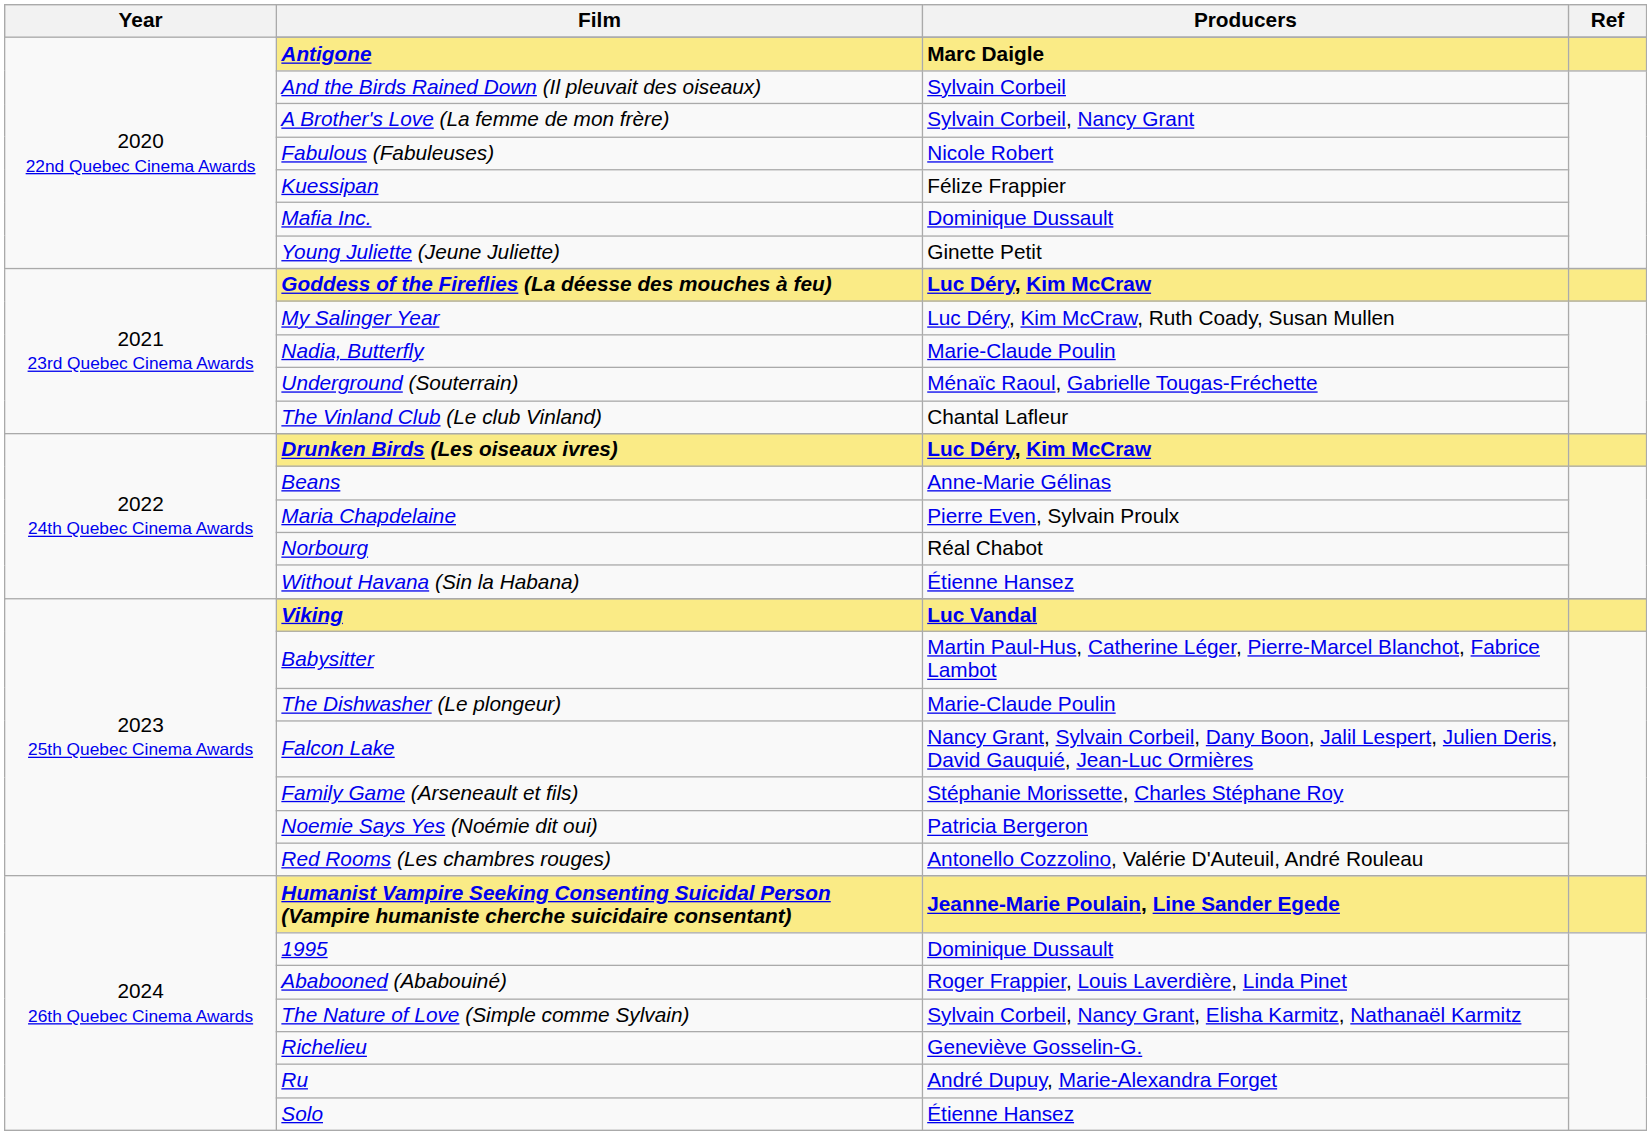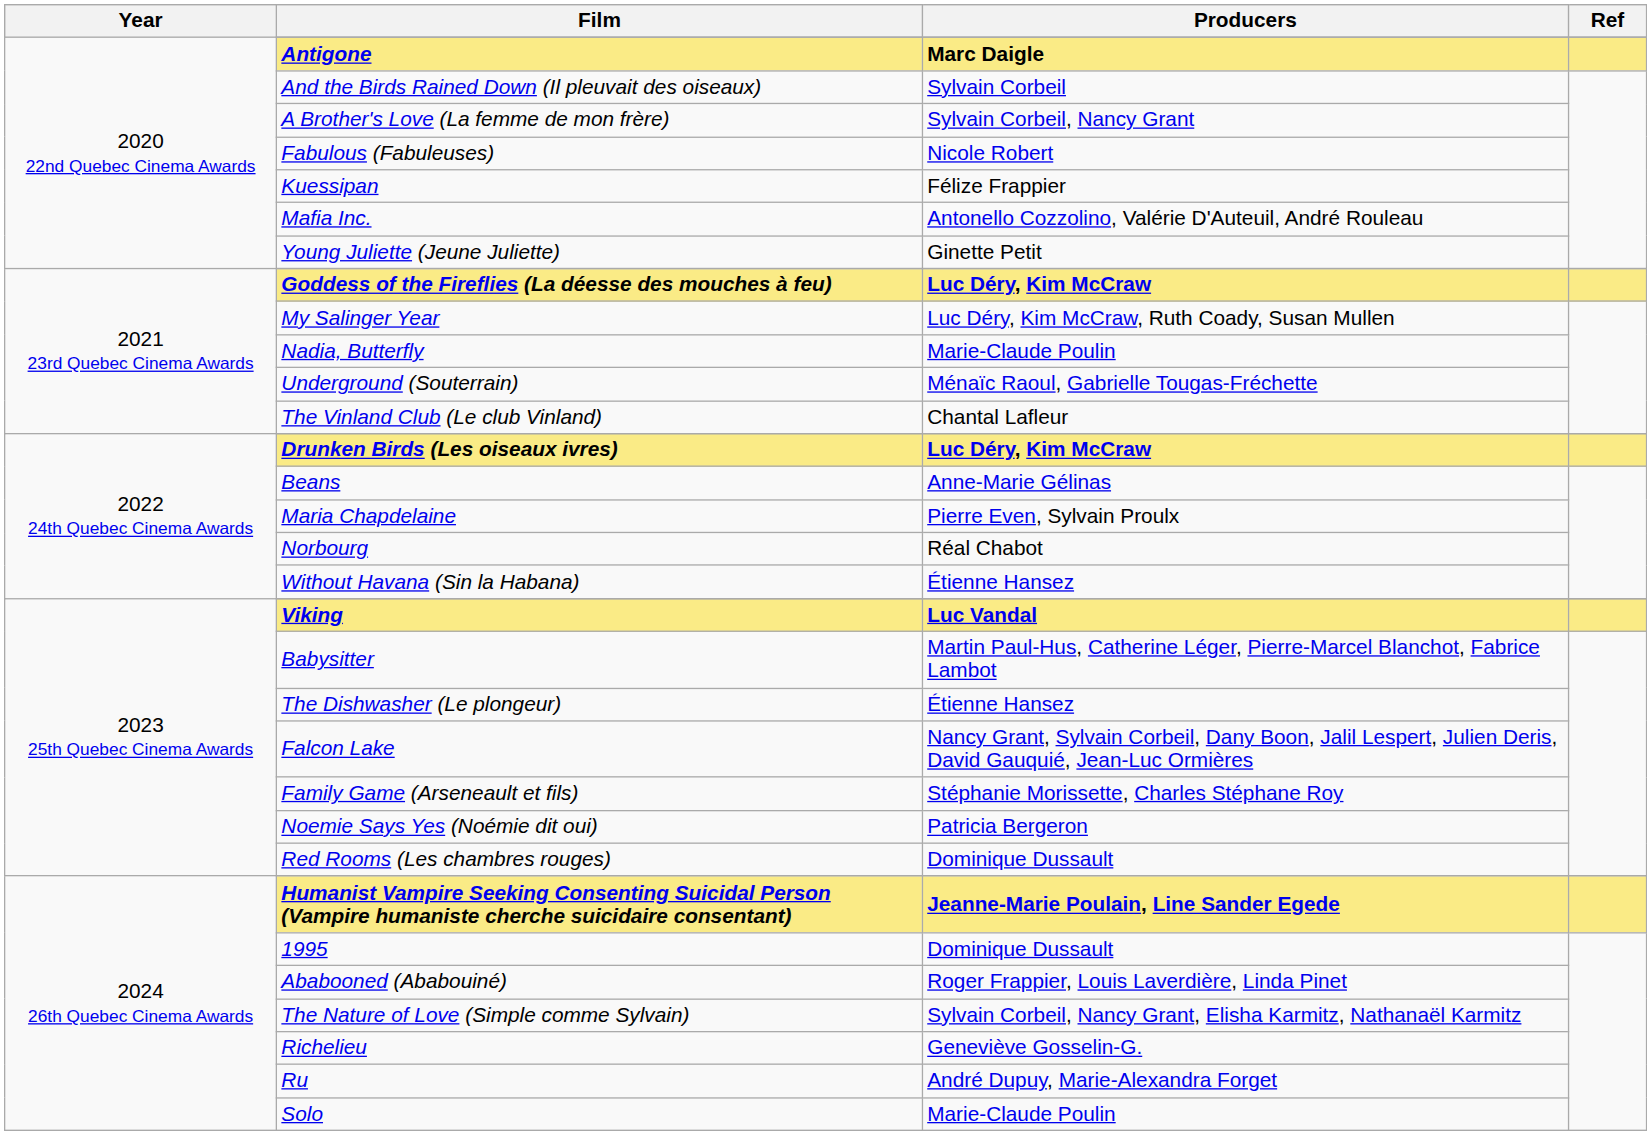 <table class="wikitable" style="width:100%;">
 <tr style="background:#bebebe;">
 <th style="width:8%;">Year</th>
 <th style="width:19%;">Film</th>
 <th style="width:19%;">Producers</th>
 <th style="width:2%;">Ref</th>
 </tr>
 <tr>
 <td rowspan="8" align="center">2020<br> <small><a href='#'>22nd Quebec Cinema Awards</a></small></td>
 </tr>
 <tr style="background:#FAEB86">
 <td><strong><em><a href='#'>Antigone</a></em></strong></td>
 <td><strong>Marc Daigle</strong></td>
 <td></td>
 </tr>
 <tr>
 <td><em><a href='#'>And the Birds Rained Down</a> (Il pleuvait des oiseaux)</em></td>
 <td><a href='#'>Sylvain Corbeil</a></td>
 <td rowspan=6></td>
 </tr>
 <tr>
 <td><em><a href='#'>A Brother's Love</a> (La femme de mon frère)</em></td>
 <td><a href='#'>Sylvain Corbeil</a>, <a href='#'>Nancy Grant</a></td>
 </tr>
 <tr>
 <td><em><a href='#'>Fabulous</a> (Fabuleuses)</em></td>
 <td><a href='#'>Nicole Robert</a></td>
 </tr>
 <tr>
 <td><em><a href='#'>Kuessipan</a></em></td>
 <td>Félize Frappier</td>
 </tr>
 <tr>
 <td><em><a href='#'>Mafia Inc.</a></em></td>
-<td><a href='#'>Dominique Dussault</a></td>
+<td><a href='#'>Antonello Cozzolino</a>, Valérie D'Auteuil, André Rouleau</td>
 </tr>
 <tr>
 <td><em><a href='#'>Young Juliette</a> (Jeune Juliette)</em></td>
 <td>Ginette Petit</td>
 </tr>
 <tr>
 <td rowspan="6" align="center">2021<br><small><a href='#'>23rd Quebec Cinema Awards</a></small></td>
 </tr>
 <tr style="background:#FAEB86">
 <td><strong><em><a href='#'>Goddess of the Fireflies</a> (La déesse des mouches à feu)</em></strong></td>
 <td><strong><a href='#'>Luc Déry</a>, <a href='#'>Kim McCraw</a></strong></td>
 <td></td>
 </tr>
 <tr>
 <td><em><a href='#'>My Salinger Year</a></em></td>
 <td><a href='#'>Luc Déry</a>, <a href='#'>Kim McCraw</a>, Ruth Coady, Susan Mullen</td>
 <td rowspan=4></td>
 </tr>
 <tr>
 <td><em><a href='#'>Nadia, Butterfly</a></em></td>
 <td><a href='#'>Marie-Claude Poulin</a></td>
 </tr>
 <tr>
 <td><em><a href='#'>Underground</a> (Souterrain)</em></td>
 <td><a href='#'>Ménaïc Raoul</a>, <a href='#'>Gabrielle Tougas-Fréchette</a></td>
 </tr>
 <tr>
 <td><em><a href='#'>The Vinland Club</a> (Le club Vinland)</em></td>
 <td>Chantal Lafleur</td>
 </tr>
 <tr>
 <td rowspan="6" align="center">2022<br><small><a href='#'>24th Quebec Cinema Awards</a></small></td>
 </tr>
 <tr style="background:#FAEB86">
 <td><strong><em><a href='#'>Drunken Birds</a> (Les oiseaux ivres)</em></strong></td>
 <td><strong><a href='#'>Luc Déry</a>, <a href='#'>Kim McCraw</a></strong></td>
 <td></td>
 </tr>
 <tr>
 <td><em><a href='#'>Beans</a></em></td>
 <td><a href='#'>Anne-Marie Gélinas</a></td>
 <td rowspan=4></td>
 </tr>
 <tr>
 <td><em><a href='#'>Maria Chapdelaine</a></em></td>
 <td><a href='#'>Pierre Even</a>, Sylvain Proulx</td>
 </tr>
 <tr>
 <td><em><a href='#'>Norbourg</a></em></td>
 <td>Réal Chabot</td>
 </tr>
 <tr>
 <td><em><a href='#'>Without Havana</a> (Sin la Habana)</em></td>
 <td><a href='#'>Étienne Hansez</a></td>
 </tr>
 <tr>
 <td rowspan="8" align="center">2023<br><small><a href='#'>25th Quebec Cinema Awards</a></small></td>
 </tr>
 <tr style="background:#FAEB86">
 <td><strong><em><a href='#'>Viking</a></em></strong></td>
 <td><strong><a href='#'>Luc Vandal</a></strong></td>
 <td></td>
 </tr>
 <tr>
 <td><em><a href='#'>Babysitter</a></em></td>
 <td><a href='#'>Martin Paul-Hus</a>, <a href='#'>Catherine Léger</a>, <a href='#'>Pierre-Marcel Blanchot</a>, <a href='#'>Fabrice Lambot</a></td>
 <td rowspan=6></td>
 </tr>
 <tr>
 <td><em><a href='#'>The Dishwasher</a> (Le plongeur)</em></td>
-<td><a href='#'>Marie-Claude Poulin</a></td>
+<td><a href='#'>Étienne Hansez</a></td>
 </tr>
 <tr>
 <td><em><a href='#'>Falcon Lake</a></em></td>
 <td><a href='#'>Nancy Grant</a>, <a href='#'>Sylvain Corbeil</a>, <a href='#'>Dany Boon</a>, <a href='#'>Jalil Lespert</a>, <a href='#'>Julien Deris</a>, <a href='#'>David Gauquié</a>, <a href='#'>Jean-Luc Ormières</a></td>
 </tr>
 <tr>
 <td><em><a href='#'>Family Game</a> (Arseneault et fils)</em></td>
 <td><a href='#'>Stéphanie Morissette</a>, <a href='#'>Charles Stéphane Roy</a></td>
 </tr>
 <tr>
 <td><em><a href='#'>Noemie Says Yes</a> (Noémie dit oui)</em></td>
 <td><a href='#'>Patricia Bergeron</a></td>
 </tr>
 <tr>
 <td><em><a href='#'>Red Rooms</a> (Les chambres rouges)</em></td>
-<td><a href='#'>Antonello Cozzolino</a>, Valérie D'Auteuil, André Rouleau</td>
+<td><a href='#'>Dominique Dussault</a></td>
 </tr>
 <tr>
 <td rowspan="8" align="center">2024<br><small><a href='#'>26th Quebec Cinema Awards</a></small></td>
 </tr>
 <tr style="background:#FAEB86">
 <td><strong><em><a href='#'>Humanist Vampire Seeking Consenting Suicidal Person</a> (Vampire humaniste cherche suicidaire consentant)</em></strong></td>
 <td><strong><a href='#'>Jeanne-Marie Poulain</a>, <a href='#'>Line Sander Egede</a></strong></td>
 <td></td>
 </tr>
 <tr>
 <td><em><a href='#'>1995</a></em></td>
 <td><a href='#'>Dominique Dussault</a></td>
 <td rowspan=6></td>
 </tr>
 <tr>
 <td><em><a href='#'>Ababooned</a> (Ababouiné)</em></td>
 <td><a href='#'>Roger Frappier</a>, <a href='#'>Louis Laverdière</a>, <a href='#'>Linda Pinet</a></td>
 </tr>
 <tr>
 <td><em><a href='#'>The Nature of Love</a> (Simple comme Sylvain)</em></td>
 <td><a href='#'>Sylvain Corbeil</a>, <a href='#'>Nancy Grant</a>, <a href='#'>Elisha Karmitz</a>, <a href='#'>Nathanaël Karmitz</a></td>
 </tr>
 <tr>
 <td><em><a href='#'>Richelieu</a></em></td>
 <td><a href='#'>Geneviève Gosselin-G.</a></td>
 </tr>
 <tr>
 <td><em><a href='#'>Ru</a></em></td>
 <td><a href='#'>André Dupuy</a>, <a href='#'>Marie-Alexandra Forget</a></td>
 </tr>
 <tr>
 <td><em><a href='#'>Solo</a></em></td>
-<td><a href='#'>Étienne Hansez</a></td>
+<td><a href='#'>Marie-Claude Poulin</a></td>
 </tr>
 <tr>
 </tr>
 </table>
